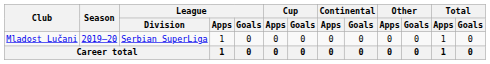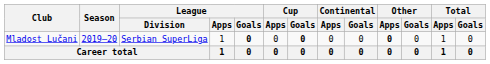 <table class="wikitable" style="text-align: center">
 <tr>
 <th rowspan="2">Club</th>
 <th rowspan="2">Season</th>
 <th colspan="3">League</th>
 <th colspan="2">Cup</th>
 <th colspan="2">Continental</th>
 <th colspan="2">Other</th>
 <th colspan="2">Total</th>
 </tr>
 <tr>
 <th>Division</th>
 <th>Apps</th>
 <th>Goals</th>
 <th>Apps</th>
 <th>Goals</th>
 <th>Apps</th>
 <th>Goals</th>
 <th>Apps</th>
 <th>Goals</th>
 <th>Apps</th>
 <th>Goals</th>
 </tr>
 <tr>
 <td><a href='#'>Mladost Lučani</a></td>
 <td><a href='#'>2019–20</a></td>
 <td><a href='#'>Serbian SuperLiga</a></td>
 <td>1</td>
+<td><strong>0</strong></td>
+<td>0</td>
+<td><strong>0</strong></td>
 <td>0</td>
 <td>0</td>
-<td>0</td>
-<td>0</td>
-<td>0</td>
-<td>0</td>
+<td><strong>0</strong></td>
 <td>0</td>
 <td>1</td>
 <td>0</td>
 </tr>
 <tr>
 <th colspan="3"><strong>Career total</strong></th>
 <th>1</th>
 <th>0</th>
 <th>0</th>
 <th>0</th>
 <th>0</th>
 <th>0</th>
 <th>0</th>
 <th>0</th>
 <th>1</th>
 <th>0</th>
 </tr>
 </table>
